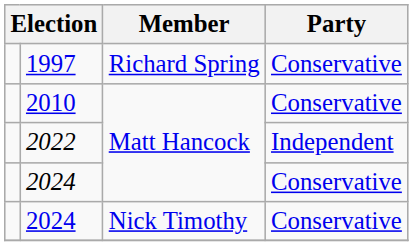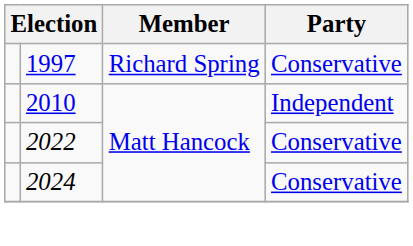 <table class="wikitable">
 <tr>
 <th colspan="2">Election</th>
 <th>Member</th>
 <th>Party</th>
 </tr>
 <tr>
 <td style="color:inherit;background-color: "></td>
 <td><a href='#'>1997</a></td>
 <td><a href='#'>Richard Spring</a></td>
 <td><a href='#'>Conservative</a></td>
 </tr>
 <tr>
 <td style="color:inherit;background-color: "></td>
 <td><a href='#'>2010</a></td>
 <td rowspan=3><a href='#'>Matt Hancock</a></td>
-<td><a href='#'>Conservative</a></td>
+<td><a href='#'>Independent</a></td>
 </tr>
 <tr>
 <td style="color:inherit;background-color: "></td>
 <td><em>2022</em></td>
-<td><a href='#'>Independent</a></td>
+<td><a href='#'>Conservative</a></td>
 </tr>
 <tr>
 <td style="color:inherit;background-color: "></td>
 <td><em>2024</em></td>
 <td><a href='#'>Conservative</a></td>
 </tr>
 <tr>
-<td style="color:inherit;background-color: "></td>
-<td><a href='#'>2024</a></td>
-<td><a href='#'>Nick Timothy</a></td>
-<td><a href='#'>Conservative</a></td>
-</tr>
-<tr>
 </tr>
 </table>
